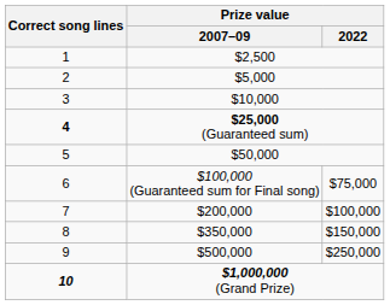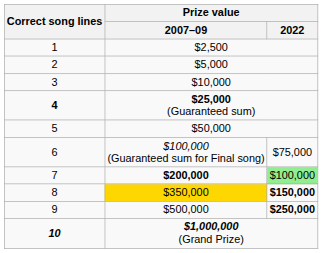 <table class="wikitable">
 <tr>
 <th rowspan="2">Correct song lines</th>
 <th colspan="2">Prize value</th>
 </tr>
 <tr>
 <th>2007–09</th>
 <th>2022</th>
 </tr>
 <tr>
 <td align=center>1</td>
 <td colspan="2" align=center>$2,500</td>
 </tr>
 <tr>
 <td align=center>2</td>
 <td colspan="2" align=center>$5,000</td>
 </tr>
 <tr>
 <td align=center>3</td>
 <td colspan="2" align=center>$10,000</td>
 </tr>
 <tr>
 <td align=center><strong>4</strong></td>
 <td colspan="2" align=center><strong>$25,000</strong><br>(Guaranteed sum)</td>
 </tr>
 <tr>
 <td align=center>5</td>
 <td colspan="2" align=center>$50,000</td>
 </tr>
 <tr>
 <td align=center>6</td>
 <td align=center><em>$100,000</em><br>(Guaranteed sum for Final song)</td>
 <td align=center>$75,000</td>
 </tr>
 <tr>
 <td align=center>7</td>
-<td align=center>$200,000</td>
-<td align=center>$100,000</td>
+<td align=center><strong>$200,000</strong></td>
+<td align=center style="background: lightgreen;">$100,000</td>
 </tr>
 <tr>
 <td align=center>8</td>
-<td align=center>$350,000</td>
-<td align=center>$150,000</td>
+<td align=center style="background: gold;">$350,000</td>
+<td align=center><strong>$150,000</strong></td>
 </tr>
 <tr>
 <td align=center>9</td>
 <td align=center>$500,000</td>
-<td align=center>$250,000</td>
+<td align=center><strong>$250,000</strong></td>
 </tr>
 <tr>
 <td align=center><strong><em>10</em></strong></td>
 <td colspan="2" align=center><strong><em>$1,000,000</em></strong><br>(Grand Prize)</td>
 </tr>
 </table>
